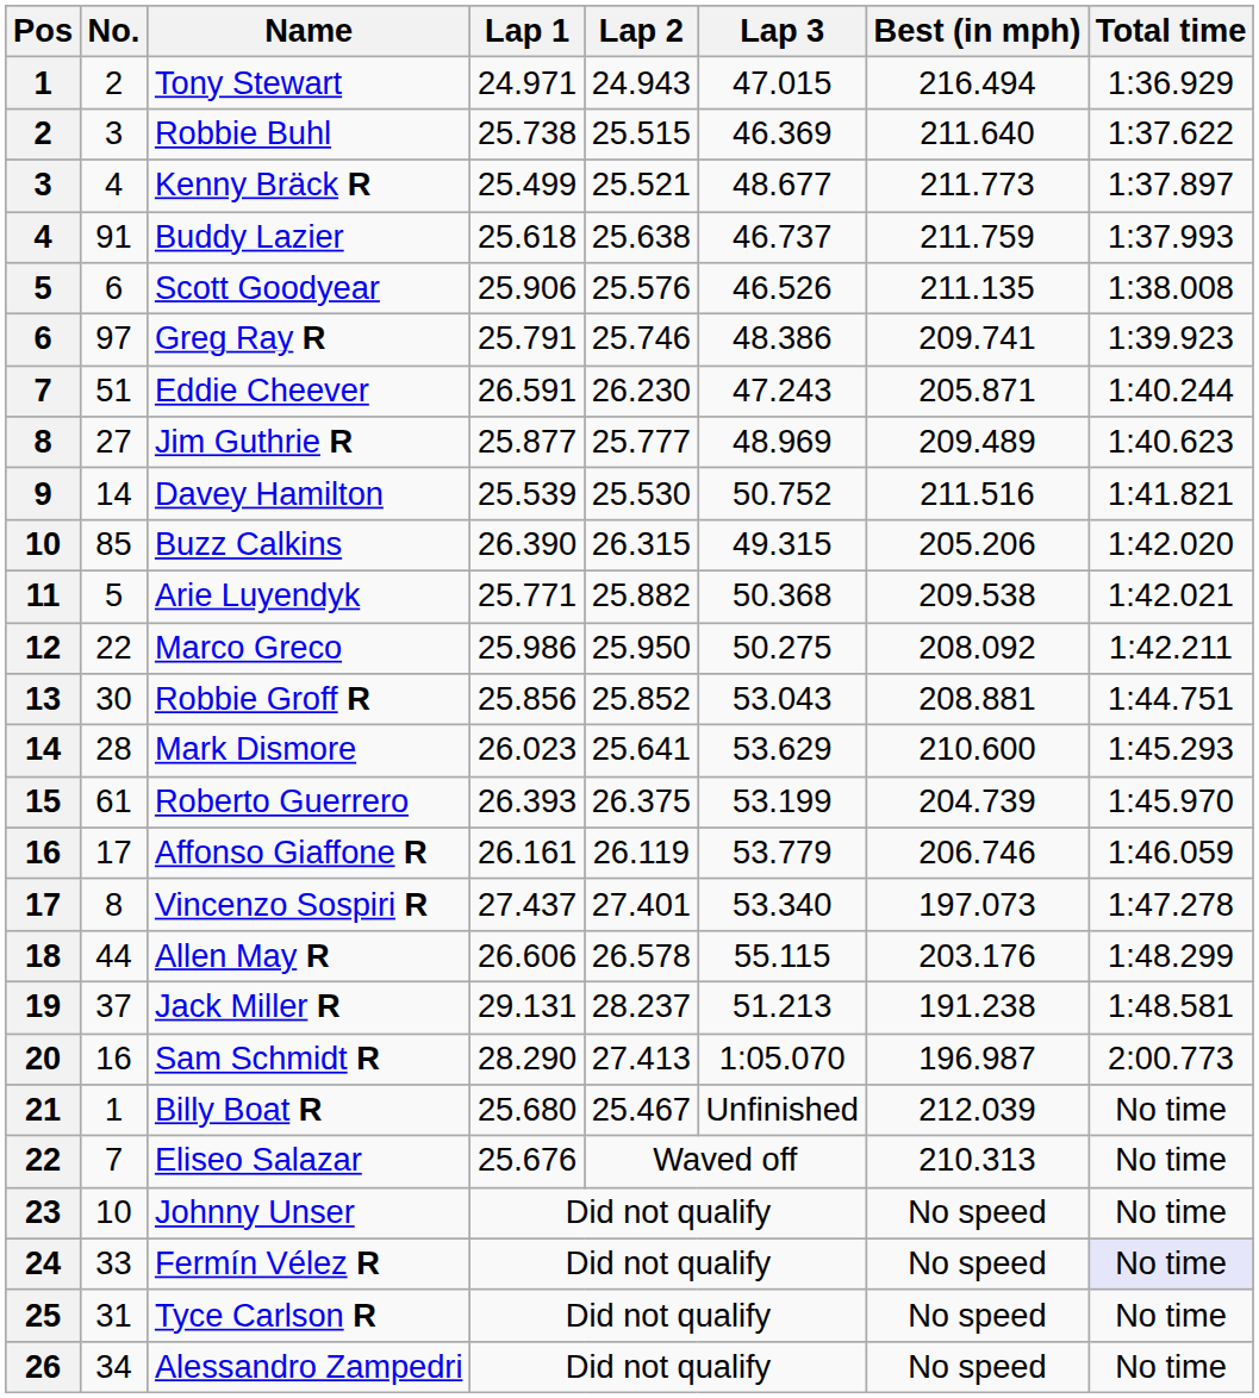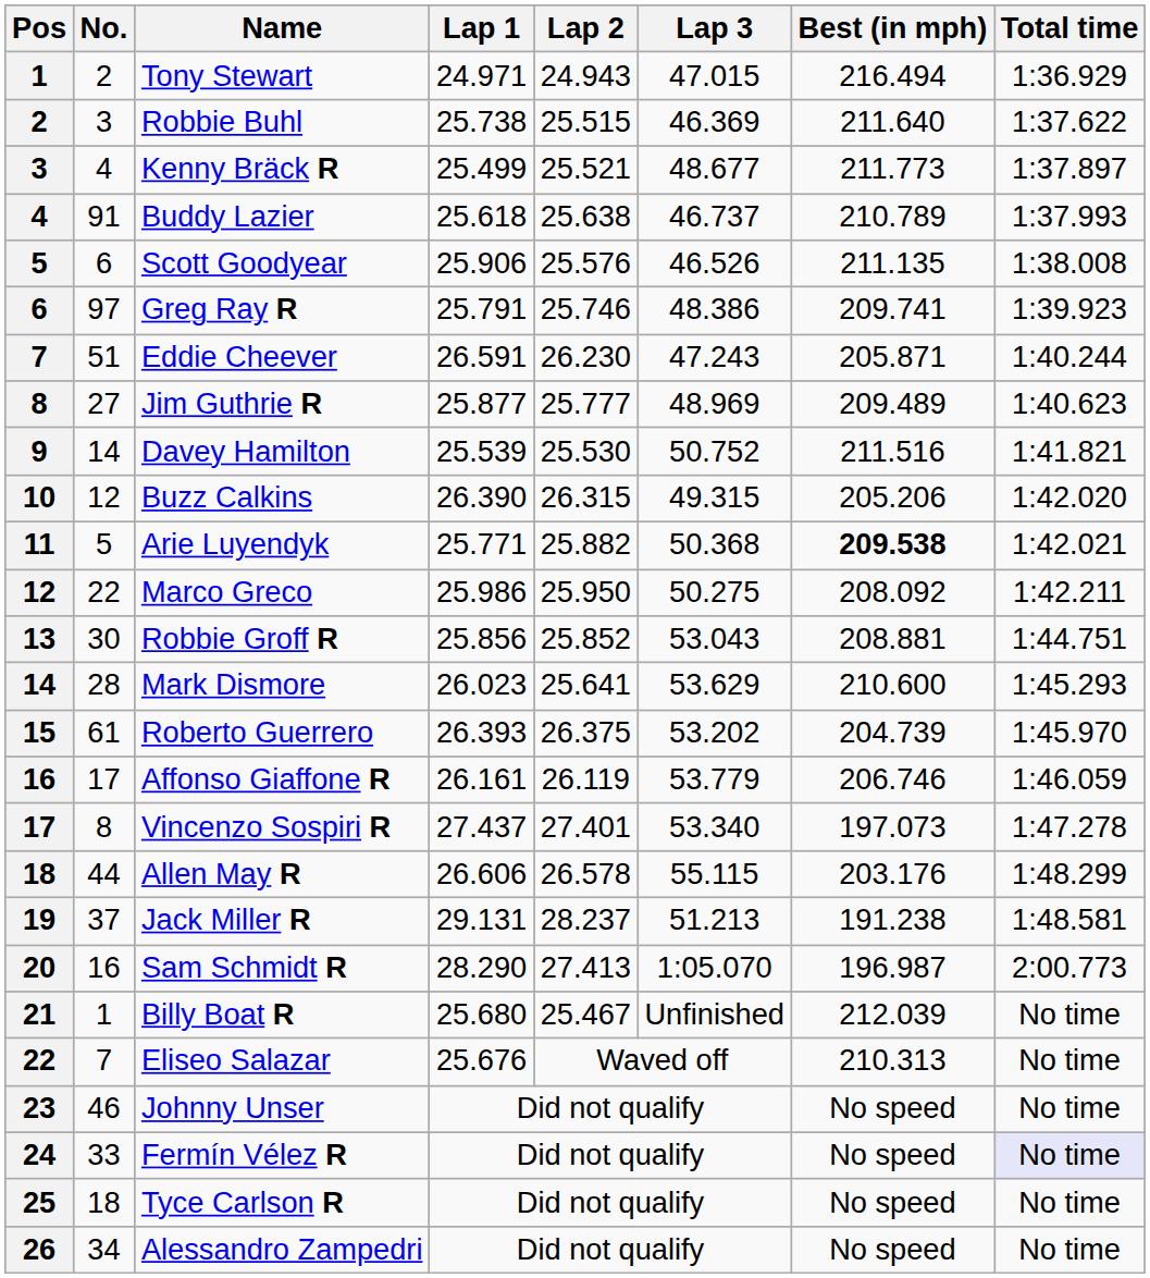 <table class="wikitable sortable" " style="fontsize:95%">
 <tr>
 <th>Pos</th>
 <th>No.</th>
 <th>Name</th>
 <th>Lap 1</th>
 <th>Lap 2</th>
 <th>Lap 3</th>
 <th>Best (in mph)</th>
 <th>Total time</th>
 </tr>
 <tr>
 <th scope="row">1</th>
 <td align=center>2</td>
 <td> <a href='#'>Tony Stewart</a></td>
 <td align="center">24.971</td>
 <td align="center">24.943</td>
 <td align="center">47.015</td>
 <td align="center">216.494</td>
 <td align="center">1:36.929</td>
 </tr>
 <tr>
 <th scope="row">2</th>
 <td align=center>3</td>
 <td> <a href='#'>Robbie Buhl</a></td>
 <td align="center">25.738</td>
 <td align="center">25.515</td>
 <td align="center">46.369</td>
 <td align="center">211.640</td>
 <td align="center">1:37.622</td>
 </tr>
 <tr>
 <th scope="row">3</th>
 <td align=center>4</td>
 <td> <a href='#'>Kenny Bräck</a> <strong><span>R</span></strong></td>
 <td align="center">25.499</td>
 <td align="center">25.521</td>
 <td align="center">48.677</td>
 <td align="center">211.773</td>
 <td align="center">1:37.897</td>
 </tr>
 <tr>
 <th scope="row">4</th>
 <td align=center>91</td>
 <td> <a href='#'>Buddy Lazier</a></td>
 <td align="center">25.618</td>
 <td align="center">25.638</td>
 <td align="center">46.737</td>
-<td align="center">211.759</td>
+<td align="center">210.789</td>
 <td align="center">1:37.993</td>
 </tr>
 <tr>
 <th scope="row">5</th>
 <td align=center>6</td>
 <td> <a href='#'>Scott Goodyear</a></td>
 <td align="center">25.906</td>
 <td align="center">25.576</td>
 <td align="center">46.526</td>
 <td align="center">211.135</td>
 <td align="center">1:38.008</td>
 </tr>
 <tr>
 <th scope="row">6</th>
 <td align=center>97</td>
 <td> <a href='#'>Greg Ray</a> <strong><span>R</span></strong></td>
 <td align="center">25.791</td>
 <td align="center">25.746</td>
 <td align="center">48.386</td>
 <td align="center">209.741</td>
 <td align="center">1:39.923</td>
 </tr>
 <tr>
 <th scope="row">7</th>
 <td align=center>51</td>
 <td> <a href='#'>Eddie Cheever</a></td>
 <td align="center">26.591</td>
 <td align="center">26.230</td>
 <td align="center">47.243</td>
 <td align="center">205.871</td>
 <td align="center">1:40.244</td>
 </tr>
 <tr>
 <th scope="row">8</th>
 <td align=center>27</td>
 <td> <a href='#'>Jim Guthrie</a> <strong><span>R</span></strong></td>
 <td align="center">25.877</td>
 <td align="center">25.777</td>
 <td align="center">48.969</td>
 <td align="center">209.489</td>
 <td align="center">1:40.623</td>
 </tr>
 <tr>
 <th scope="row">9</th>
 <td align=center>14</td>
 <td> <a href='#'>Davey Hamilton</a></td>
 <td align="center">25.539</td>
 <td align="center">25.530</td>
 <td align="center">50.752</td>
 <td align="center">211.516</td>
 <td align="center">1:41.821</td>
 </tr>
 <tr>
 <th scope="row">10</th>
-<td align=center>85</td>
+<td align=center>12</td>
 <td> <a href='#'>Buzz Calkins</a></td>
 <td align="center">26.390</td>
 <td align="center">26.315</td>
 <td align="center">49.315</td>
 <td align="center">205.206</td>
 <td align="center">1:42.020</td>
 </tr>
 <tr>
 <th scope="row">11</th>
 <td align=center>5</td>
 <td> <a href='#'>Arie Luyendyk</a></td>
 <td align="center">25.771</td>
 <td align="center">25.882</td>
 <td align="center">50.368</td>
-<td align="center">209.538</td>
+<td align="center"><strong>209.538</strong></td>
 <td align="center">1:42.021</td>
 </tr>
 <tr>
 <th scope="row">12</th>
 <td align=center>22</td>
 <td> <a href='#'>Marco Greco</a></td>
 <td align="center">25.986</td>
 <td align="center">25.950</td>
 <td align="center">50.275</td>
 <td align="center">208.092</td>
 <td align="center">1:42.211</td>
 </tr>
 <tr>
 <th scope="row">13</th>
 <td align=center>30</td>
 <td> <a href='#'>Robbie Groff</a> <strong><span>R</span></strong></td>
 <td align="center">25.856</td>
 <td align="center">25.852</td>
 <td align="center">53.043</td>
 <td align="center">208.881</td>
 <td align="center">1:44.751</td>
 </tr>
 <tr>
 <th scope="row">14</th>
 <td align=center>28</td>
 <td> <a href='#'>Mark Dismore</a></td>
 <td align="center">26.023</td>
 <td align="center">25.641</td>
 <td align="center">53.629</td>
 <td align="center">210.600</td>
 <td align="center">1:45.293</td>
 </tr>
 <tr>
 <th scope="row">15</th>
 <td align=center>61</td>
 <td> <a href='#'>Roberto Guerrero</a></td>
 <td align="center">26.393</td>
 <td align="center">26.375</td>
-<td align="center">53.199</td>
+<td align="center">53.202</td>
 <td align="center">204.739</td>
 <td align="center">1:45.970</td>
 </tr>
 <tr>
 <th scope="row">16</th>
 <td align=center>17</td>
 <td> <a href='#'>Affonso Giaffone</a> <strong><span>R</span></strong></td>
 <td align="center">26.161</td>
 <td align="center">26.119</td>
 <td align="center">53.779</td>
 <td align="center">206.746</td>
 <td align="center">1:46.059</td>
 </tr>
 <tr>
 <th scope="row">17</th>
 <td align=center>8</td>
 <td> <a href='#'>Vincenzo Sospiri</a> <strong><span>R</span></strong></td>
 <td align="center">27.437</td>
 <td align="center">27.401</td>
 <td align="center">53.340</td>
 <td align="center">197.073</td>
 <td align="center">1:47.278</td>
 </tr>
 <tr>
 <th scope="row">18</th>
 <td align=center>44</td>
 <td> <a href='#'>Allen May</a> <strong><span>R</span></strong></td>
 <td align="center">26.606</td>
 <td align="center">26.578</td>
 <td align="center">55.115</td>
 <td align="center">203.176</td>
 <td align="center">1:48.299</td>
 </tr>
 <tr>
 <th scope="row">19</th>
 <td align=center>37</td>
 <td> <a href='#'>Jack Miller</a> <strong><span>R</span></strong></td>
 <td align="center">29.131</td>
 <td align="center">28.237</td>
 <td align="center">51.213</td>
 <td align="center">191.238</td>
 <td align="center">1:48.581</td>
 </tr>
 <tr>
 <th scope="row">20</th>
 <td align=center>16</td>
 <td> <a href='#'>Sam Schmidt</a> <strong><span>R</span></strong></td>
 <td align="center">28.290</td>
 <td align="center">27.413</td>
 <td align="center">1:05.070</td>
 <td align="center">196.987</td>
 <td align="center">2:00.773</td>
 </tr>
 <tr>
 <th scope="row">21</th>
 <td align=center>1</td>
 <td> <a href='#'>Billy Boat</a> <strong><span>R</span></strong></td>
 <td align="center">25.680</td>
 <td align="center">25.467</td>
 <td align="center">Unfinished</td>
 <td align="center">212.039</td>
 <td align="center">No time</td>
 </tr>
 <tr>
 <th scope="row">22</th>
 <td align=center>7</td>
 <td> <a href='#'>Eliseo Salazar</a></td>
 <td align="center">25.676</td>
 <td colspan=2 align="center">Waved off</td>
 <td align="center">210.313</td>
 <td align="center">No time</td>
 </tr>
 <tr>
 <th scope="row">23</th>
-<td align=center>10</td>
+<td align=center>46</td>
 <td> <a href='#'>Johnny Unser</a></td>
 <td colspan=3 align="center">Did not qualify</td>
 <td align="center">No speed</td>
 <td align="center">No time</td>
 </tr>
 <tr>
 <th scope="row">24</th>
 <td align=center>33</td>
 <td> <a href='#'>Fermín Vélez</a> <strong><span>R</span></strong></td>
 <td colspan=3 align="center">Did not qualify</td>
 <td align="center">No speed</td>
 <td align="center" style="background: lavender;">No time</td>
 </tr>
 <tr>
 <th scope="row">25</th>
-<td align=center>31</td>
+<td align=center>18</td>
 <td> <a href='#'>Tyce Carlson</a> <strong><span>R</span></strong></td>
 <td colspan=3 align="center">Did not qualify</td>
 <td align="center">No speed</td>
 <td align="center">No time</td>
 </tr>
 <tr>
 <th scope="row">26</th>
 <td align=center>34</td>
 <td> <a href='#'>Alessandro Zampedri</a></td>
 <td colspan=3 align="center">Did not qualify</td>
 <td align="center">No speed</td>
 <td align="center">No time</td>
 </tr>
 </table>
